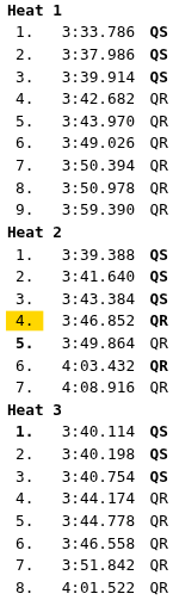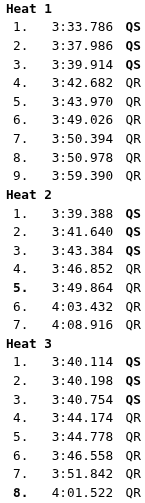 <table style="text-align:center">
 <tr>
 <td colspan=4 align=left><strong>Heat 1</strong></td>
 </tr>
 <tr>
 <td width=30>1.</td>
 <td align=left></td>
 <td width=80>3:33.786</td>
 <td><strong>QS</strong></td>
 </tr>
 <tr>
 <td>2.</td>
 <td align=left></td>
 <td>3:37.986</td>
 <td><strong>QS</strong></td>
 </tr>
 <tr>
 <td>3.</td>
 <td align=left></td>
 <td>3:39.914</td>
 <td><strong>QS</strong></td>
 </tr>
 <tr>
 <td>4.</td>
 <td align=left></td>
 <td>3:42.682</td>
 <td>QR</td>
 </tr>
 <tr>
 <td>5.</td>
 <td align=left></td>
 <td>3:43.970</td>
 <td>QR</td>
 </tr>
 <tr>
 <td>6.</td>
 <td align=left></td>
 <td>3:49.026</td>
 <td>QR</td>
 </tr>
 <tr>
 <td>7.</td>
 <td align=left></td>
 <td>3:50.394</td>
 <td>QR</td>
 </tr>
 <tr>
 <td>8.</td>
 <td align=left></td>
 <td>3:50.978</td>
 <td>QR</td>
 </tr>
 <tr>
 <td>9.</td>
 <td align=left></td>
 <td>3:59.390</td>
 <td>QR</td>
 </tr>
 <tr>
 <td colspan=4 align=left><strong>Heat 2</strong></td>
 </tr>
 <tr>
 <td>1.</td>
 <td align=left></td>
 <td>3:39.388</td>
 <td><strong>QS</strong></td>
 </tr>
 <tr>
 <td>2.</td>
 <td align=left></td>
 <td>3:41.640</td>
 <td><strong>QS</strong></td>
 </tr>
 <tr>
 <td>3.</td>
 <td align=left></td>
 <td>3:43.384</td>
 <td><strong>QS</strong></td>
 </tr>
 <tr>
-<td style="background: gold;">4.</td>
+<td>4.</td>
 <td align=left></td>
 <td>3:46.852</td>
-<td><strong>QR</strong></td>
+<td>QR</td>
 </tr>
 <tr>
 <td><strong>5.</strong></td>
 <td align=left></td>
 <td>3:49.864</td>
 <td>QR</td>
 </tr>
 <tr>
 <td>6.</td>
 <td align=left></td>
 <td>4:03.432</td>
-<td><strong>QR</strong></td>
+<td>QR</td>
 </tr>
 <tr>
 <td>7.</td>
 <td align=left></td>
 <td>4:08.916</td>
 <td>QR</td>
 </tr>
 <tr>
 <td colspan=4 align=left><strong>Heat 3</strong></td>
 </tr>
 <tr>
-<td><strong>1.</strong></td>
+<td>1.</td>
 <td align=left></td>
 <td>3:40.114</td>
 <td><strong>QS</strong></td>
 </tr>
 <tr>
 <td>2.</td>
 <td align=left></td>
 <td>3:40.198</td>
 <td><strong>QS</strong></td>
 </tr>
 <tr>
 <td>3.</td>
 <td align=left></td>
 <td>3:40.754</td>
 <td><strong>QS</strong></td>
 </tr>
 <tr>
 <td>4.</td>
 <td align=left></td>
 <td>3:44.174</td>
 <td>QR</td>
 </tr>
 <tr>
 <td>5.</td>
 <td align=left></td>
 <td>3:44.778</td>
 <td>QR</td>
 </tr>
 <tr>
 <td>6.</td>
 <td align=left></td>
 <td>3:46.558</td>
 <td>QR</td>
 </tr>
 <tr>
 <td>7.</td>
 <td align=left></td>
 <td>3:51.842</td>
 <td>QR</td>
 </tr>
 <tr>
-<td>8.</td>
+<td><strong>8.</strong></td>
 <td align=left></td>
 <td>4:01.522</td>
 <td>QR</td>
 </tr>
 </table>
